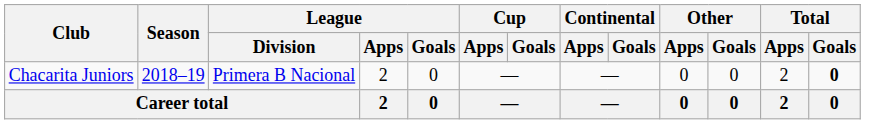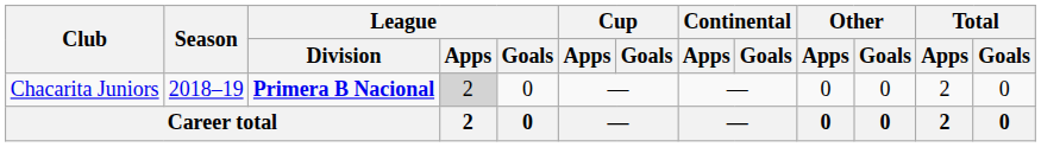 <table class="wikitable" style="text-align:center">
 <tr>
 <th rowspan="2">Club</th>
 <th rowspan="2">Season</th>
 <th colspan="3">League</th>
 <th colspan="2">Cup</th>
 <th colspan="2">Continental</th>
 <th colspan="2">Other</th>
 <th colspan="2">Total</th>
 </tr>
 <tr>
 <th>Division</th>
 <th>Apps</th>
 <th>Goals</th>
 <th>Apps</th>
 <th>Goals</th>
 <th>Apps</th>
 <th>Goals</th>
 <th>Apps</th>
 <th>Goals</th>
 <th>Apps</th>
 <th>Goals</th>
 </tr>
 <tr>
 <td rowspan="1"><a href='#'>Chacarita Juniors</a></td>
 <td><a href='#'>2018–19</a></td>
-<td rowspan="1"><a href='#'>Primera B Nacional</a></td>
-<td>2</td>
+<td rowspan="1"><strong><a href='#'>Primera B Nacional</a></strong></td>
+<td style="background: lightgrey;">2</td>
 <td>0</td>
 <td colspan="2">—</td>
 <td colspan="2">—</td>
 <td>0</td>
 <td>0</td>
 <td>2</td>
-<td><strong>0</strong></td>
+<td>0</td>
 </tr>
 <tr>
 <th colspan="3">Career total</th>
 <th>2</th>
 <th>0</th>
 <th colspan="2">—</th>
 <th colspan="2">—</th>
 <th>0</th>
 <th>0</th>
 <th>2</th>
 <th>0</th>
 </tr>
 </table>
